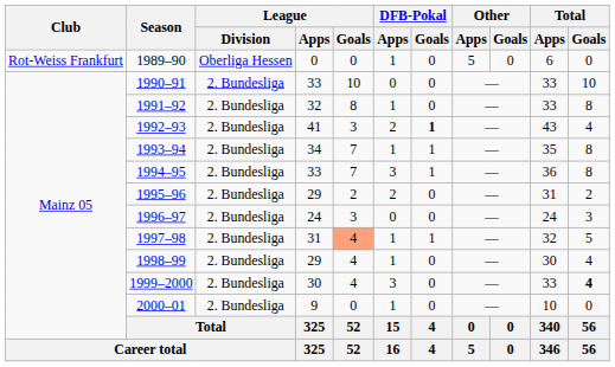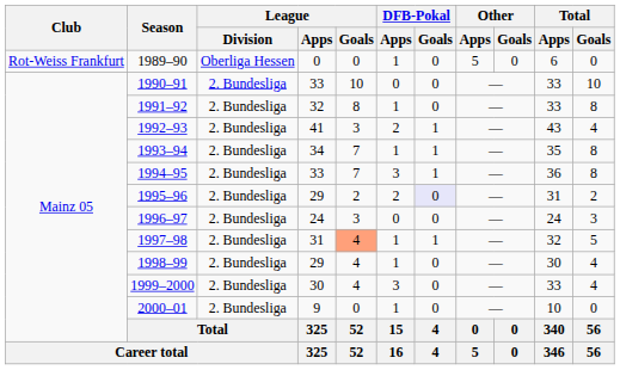 <table class="wikitable" style="text-align:center">
 <tr>
 <th rowspan="2">Club</th>
 <th rowspan="2">Season</th>
 <th colspan="3">League</th>
 <th colspan="2"><a href='#'>DFB-Pokal</a></th>
 <th colspan="2">Other</th>
 <th colspan="2">Total</th>
 </tr>
 <tr>
 <th>Division</th>
 <th>Apps</th>
 <th>Goals</th>
 <th>Apps</th>
 <th>Goals</th>
 <th>Apps</th>
 <th>Goals</th>
 <th>Apps</th>
 <th>Goals</th>
 </tr>
 <tr>
 <td><a href='#'>Rot-Weiss Frankfurt</a></td>
 <td>1989–90</td>
 <td><a href='#'>Oberliga Hessen</a></td>
 <td>0</td>
 <td>0</td>
 <td>1</td>
 <td>0</td>
 <td>5</td>
 <td>0</td>
 <td>6</td>
 <td>0</td>
 </tr>
 <tr>
 <td rowspan="12"><a href='#'>Mainz 05</a></td>
 <td><a href='#'>1990–91</a></td>
 <td><a href='#'>2. Bundesliga</a></td>
 <td>33</td>
 <td>10</td>
 <td>0</td>
 <td>0</td>
 <td colspan="2">—</td>
 <td>33</td>
 <td>10</td>
 </tr>
 <tr>
 <td><a href='#'>1991–92</a></td>
 <td>2. Bundesliga</td>
 <td>32</td>
 <td>8</td>
 <td>1</td>
 <td>0</td>
 <td colspan="2">—</td>
 <td>33</td>
 <td>8</td>
 </tr>
 <tr>
 <td><a href='#'>1992–93</a></td>
 <td>2. Bundesliga</td>
 <td>41</td>
 <td>3</td>
 <td>2</td>
-<td><strong>1</strong></td>
+<td>1</td>
 <td colspan="2">—</td>
 <td>43</td>
 <td>4</td>
 </tr>
 <tr>
 <td><a href='#'>1993–94</a></td>
 <td>2. Bundesliga</td>
 <td>34</td>
 <td>7</td>
 <td>1</td>
 <td>1</td>
 <td colspan="2">—</td>
 <td>35</td>
 <td>8</td>
 </tr>
 <tr>
 <td><a href='#'>1994–95</a></td>
 <td>2. Bundesliga</td>
 <td>33</td>
 <td>7</td>
 <td>3</td>
 <td>1</td>
 <td colspan="2">—</td>
 <td>36</td>
 <td>8</td>
 </tr>
 <tr>
 <td><a href='#'>1995–96</a></td>
 <td>2. Bundesliga</td>
 <td>29</td>
 <td>2</td>
 <td>2</td>
-<td>0</td>
+<td style="background: lavender;">0</td>
 <td colspan="2">—</td>
 <td>31</td>
 <td>2</td>
 </tr>
 <tr>
 <td><a href='#'>1996–97</a></td>
 <td>2. Bundesliga</td>
 <td>24</td>
 <td>3</td>
 <td>0</td>
 <td>0</td>
 <td colspan="2">—</td>
 <td>24</td>
 <td>3</td>
 </tr>
 <tr>
 <td><a href='#'>1997–98</a></td>
 <td>2. Bundesliga</td>
 <td>31</td>
 <td style="background: lightsalmon;">4</td>
 <td>1</td>
 <td>1</td>
 <td colspan="2">—</td>
 <td>32</td>
 <td>5</td>
 </tr>
 <tr>
 <td><a href='#'>1998–99</a></td>
 <td>2. Bundesliga</td>
 <td>29</td>
 <td>4</td>
 <td>1</td>
 <td>0</td>
 <td colspan="2">—</td>
 <td>30</td>
 <td>4</td>
 </tr>
 <tr>
 <td><a href='#'>1999–2000</a></td>
 <td>2. Bundesliga</td>
 <td>30</td>
 <td>4</td>
 <td>3</td>
 <td>0</td>
 <td colspan="2">—</td>
 <td>33</td>
-<td><strong>4</strong></td>
+<td>4</td>
 </tr>
 <tr>
 <td><a href='#'>2000–01</a></td>
 <td>2. Bundesliga</td>
 <td>9</td>
 <td>0</td>
 <td>1</td>
 <td>0</td>
 <td colspan="2">—</td>
 <td>10</td>
 <td>0</td>
 </tr>
 <tr>
 <th colspan="2">Total</th>
 <th>325</th>
 <th>52</th>
 <th>15</th>
 <th>4</th>
 <th>0</th>
 <th>0</th>
 <th>340</th>
 <th>56</th>
 </tr>
 <tr>
 <th colspan="3">Career total</th>
 <th>325</th>
 <th>52</th>
 <th>16</th>
 <th>4</th>
 <th>5</th>
 <th>0</th>
 <th>346</th>
 <th>56</th>
 </tr>
 </table>
